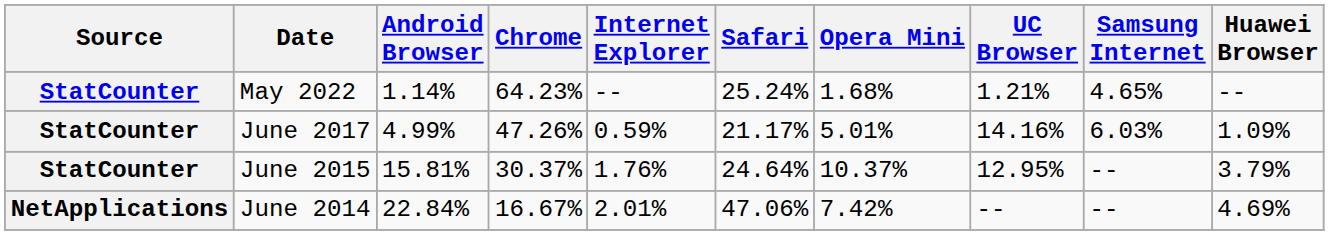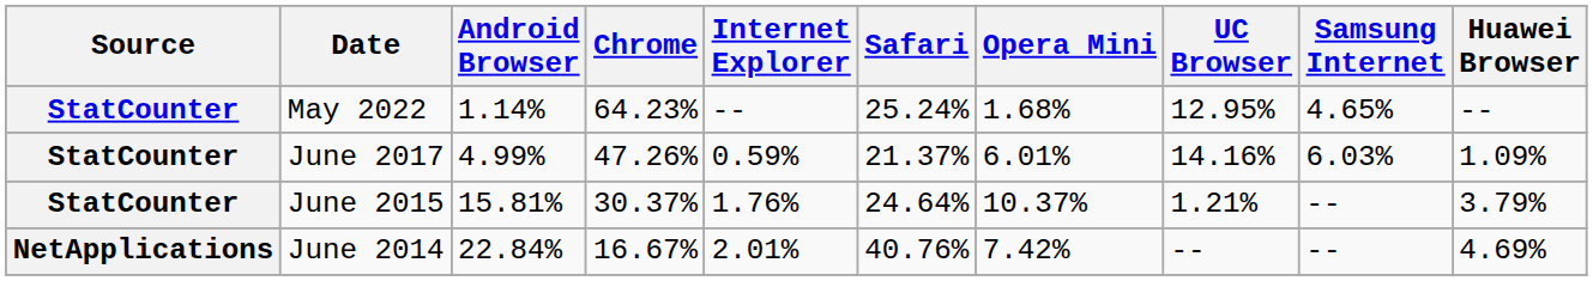 <table class="sortable wikitable">
 <tr class="unsortable">
 <th scope="col">Source</th>
 <th scope="col">Date</th>
 <th scope="col"><a href='#'>Android<br>Browser</a></th>
 <th scope="col"><a href='#'>Chrome</a></th>
 <th scope="col"><a href='#'>Internet<br>Explorer</a></th>
 <th scope="col"><a href='#'>Safari</a></th>
 <th scope="col"><a href='#'>Opera Mini</a></th>
 <th scope="col"><a href='#'>UC<br>Browser</a></th>
 <th scope="col"><a href='#'>Samsung<br>Internet</a></th>
 <th scope="col">Huawei<br>Browser</th>
 </tr>
 <tr>
 <th scope="row"><a href='#'>StatCounter</a></th>
 <td>May 2022</td>
 <td>1.14%</td>
 <td>64.23%</td>
 <td>--</td>
 <td>25.24%</td>
 <td>1.68%</td>
-<td>1.21%</td>
+<td>12.95%</td>
 <td>4.65%</td>
 <td>--</td>
 </tr>
 <tr>
 <th scope="row">StatCounter</th>
 <td>June 2017</td>
 <td>4.99%</td>
 <td>47.26%</td>
 <td>0.59%</td>
-<td>21.17%</td>
-<td>5.01%</td>
+<td>21.37%</td>
+<td>6.01%</td>
 <td>14.16%</td>
 <td>6.03%</td>
 <td>1.09%</td>
 </tr>
 <tr>
 <th scope="row">StatCounter</th>
 <td>June 2015</td>
 <td>15.81%</td>
 <td>30.37%</td>
 <td>1.76%</td>
 <td>24.64%</td>
 <td>10.37%</td>
-<td>12.95%</td>
+<td>1.21%</td>
 <td>--</td>
 <td>3.79%</td>
 </tr>
 <tr>
 <th scope="row">NetApplications</th>
 <td>June 2014</td>
 <td>22.84%</td>
 <td>16.67%</td>
 <td>2.01%</td>
-<td>47.06%</td>
+<td>40.76%</td>
 <td>7.42%</td>
 <td>--</td>
 <td>--</td>
 <td>4.69%</td>
 </tr>
 </table>
